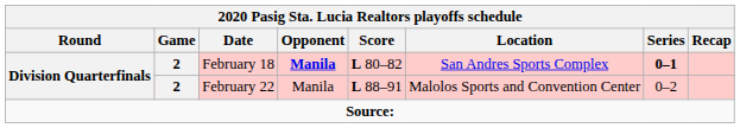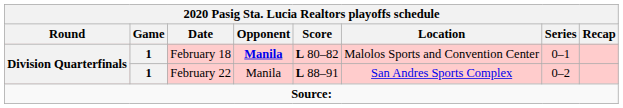 <table class="wikitable" style="text-align:center">
 <tr>
 <th colspan=8>2020 Pasig Sta. Lucia Realtors playoffs schedule</th>
 </tr>
 <tr>
 <th>Round</th>
 <th>Game</th>
 <th>Date</th>
 <th>Opponent</th>
 <th>Score</th>
 <th>Location</th>
 <th>Series</th>
 <th>Recap<br></th>
 </tr>
 <tr style="background:#fcc">
 <th rowspan=2>Division Quarterfinals</th>
-<th>2</th>
+<th>1</th>
 <td>February 18</td>
 <td><strong><a href='#'>Manila</a></strong></td>
 <td><strong>L</strong> 80–82</td>
-<td><a href='#'>San Andres Sports Complex</a></td>
-<td><strong>0–1</strong></td>
+<td>Malolos Sports and Convention Center</td>
+<td>0–1</td>
 <td></td>
 </tr>
 <tr style="background:#fcc">
-<th>2</th>
+<th>1</th>
 <td>February 22</td>
 <td>Manila</td>
 <td><strong>L</strong> 88–91</td>
-<td>Malolos Sports and Convention Center</td>
+<td><a href='#'>San Andres Sports Complex</a></td>
 <td>0–2</td>
 <td></td>
 </tr>
 <tr>
 <td colspan=8 align=center><strong>Source: </strong></td>
 </tr>
 </table>
